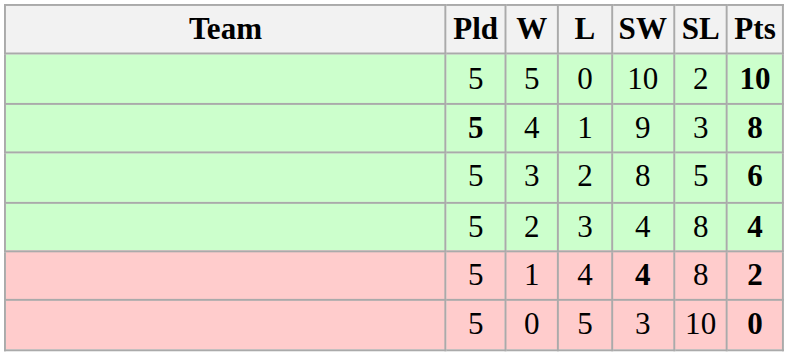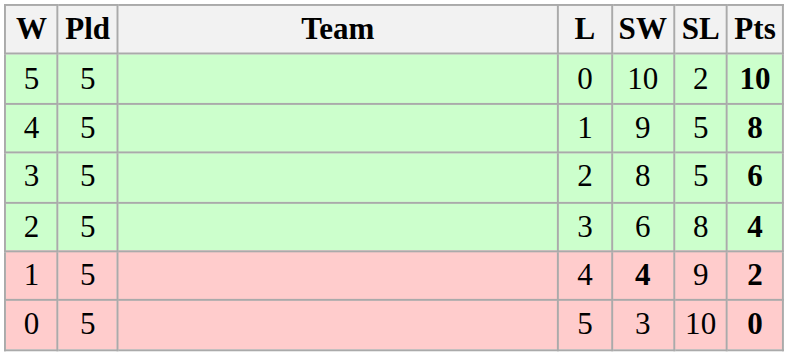 <table class=wikitable style="text-align:center">
 <tr>
+<th width=20>W</th>
+<th width=20>Pld</th>
 <th width=220>Team</th>
-<th width=20>Pld</th>
-<th width=20>W</th>
 <th width=20>L</th>
 <th width=20>SW</th>
 <th width=20>SL</th>
 <th width=20>Pts</th>
 </tr>
 <tr bgcolor=ccffcc>
-<td align=left></td>
 <td>5</td>
 <td>5</td>
+<td align=left></td>
 <td>0</td>
 <td>10</td>
 <td>2</td>
 <td><strong>10</strong></td>
 </tr>
 <tr bgcolor=ccffcc>
+<td>4</td>
+<td>5</td>
 <td align=left></td>
-<td><strong>5</strong></td>
-<td>4</td>
 <td>1</td>
 <td>9</td>
-<td>3</td>
+<td>5</td>
 <td><strong>8</strong></td>
 </tr>
 <tr bgcolor=ccffcc>
+<td>3</td>
+<td>5</td>
 <td align=left></td>
-<td>5</td>
-<td>3</td>
 <td>2</td>
 <td>8</td>
 <td>5</td>
 <td><strong>6</strong></td>
 </tr>
 <tr bgcolor=ccffcc>
+<td>2</td>
+<td>5</td>
 <td align=left></td>
-<td>5</td>
-<td>2</td>
 <td>3</td>
-<td>4</td>
+<td>6</td>
 <td>8</td>
 <td><strong>4</strong></td>
 </tr>
 <tr bgcolor=ffcccc>
+<td>1</td>
+<td>5</td>
 <td align=left></td>
-<td>5</td>
-<td>1</td>
 <td>4</td>
 <td><strong>4</strong></td>
-<td>8</td>
+<td>9</td>
 <td><strong>2</strong></td>
 </tr>
 <tr bgcolor=ffcccc>
+<td>0</td>
+<td>5</td>
 <td align=left></td>
-<td>5</td>
-<td>0</td>
 <td>5</td>
 <td>3</td>
 <td>10</td>
 <td><strong>0</strong></td>
 </tr>
 </table>
